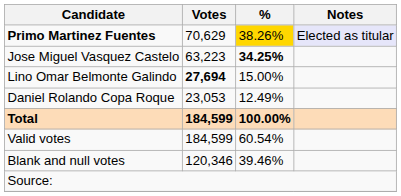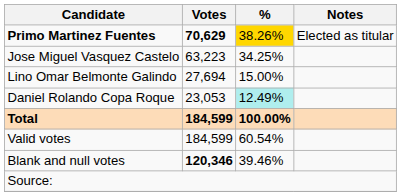 <table class=wikitable>
 <tr>
 <th>Candidate</th>
 <th>Votes</th>
 <th>%</th>
 <th>Notes</th>
 </tr>
 <tr>
 <td><strong>Primo Martinez Fuentes</strong></td>
-<td>70,629</td>
+<td><strong>70,629</strong></td>
 <td style="background: gold;">38.26%</td>
-<td style="background: lavender;">Elected as titular</td>
+<td>Elected as titular</td>
 </tr>
 <tr>
 <td>Jose Miguel Vasquez Castelo</td>
 <td>63,223</td>
-<td><strong>34.25%</strong></td>
+<td>34.25%</td>
 <td></td>
 </tr>
 <tr>
 <td>Lino Omar Belmonte Galindo</td>
-<td><strong>27,694</strong></td>
+<td>27,694</td>
 <td>15.00%</td>
 <td></td>
 </tr>
 <tr>
 <td>Daniel Rolando Copa Roque</td>
 <td>23,053</td>
-<td>12.49%</td>
+<td style="background: paleturquoise;">12.49%</td>
 <td></td>
 </tr>
 <tr>
 <td style="background:#FDDCB8"><strong>Total</strong></td>
 <td style="background:#FDDCB8"><strong>184,599</strong></td>
 <td style="background:#FDDCB8"><strong>100.00%</strong></td>
 <td style="background:#FDDCB8"></td>
 </tr>
 <tr>
 <td>Valid votes</td>
 <td>184,599</td>
 <td>60.54%</td>
 <td></td>
 </tr>
 <tr>
 <td>Blank and null votes</td>
-<td>120,346</td>
+<td><strong>120,346</strong></td>
 <td>39.46%</td>
 <td></td>
 </tr>
 <tr>
 <td colspan="4">Source: </td>
 </tr>
 <tr>
 </tr>
 </table>
